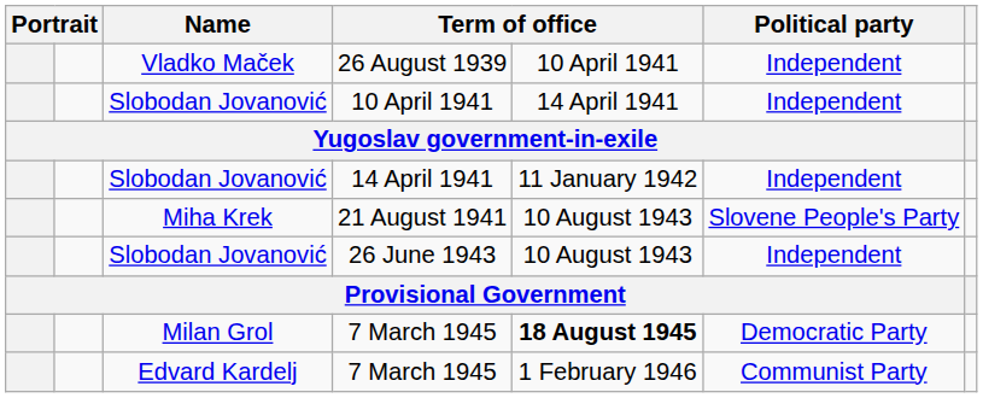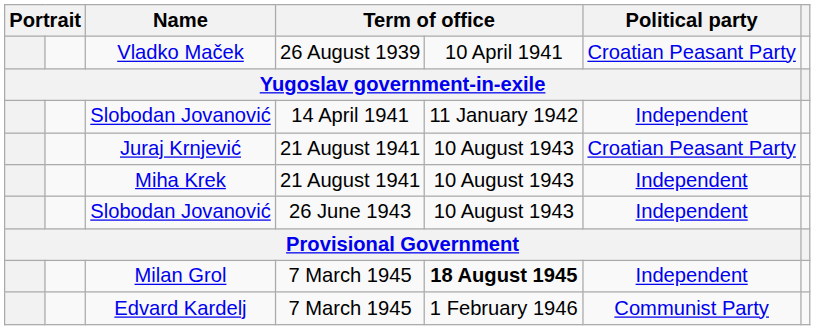 <table class="wikitable" style="text-align:center">
 <tr>
 <th colspan="2">Portrait</th>
 <th>Name<br></th>
 <th colspan="2">Term of office</th>
 <th>Political party</th>
 <th></th>
 </tr>
 <tr>
 <th style="background:"></th>
 <td></td>
 <td><a href='#'>Vladko Maček</a><br></td>
 <td>26 August 1939</td>
 <td>10 April 1941</td>
-<td><a href='#'>Independent</a></td>
-<td></td>
-</tr>
-<tr>
-<th style="background:"></th>
-<td></td>
-<td><a href='#'>Slobodan Jovanović</a><br></td>
-<td>10 April 1941</td>
-<td>14 April 1941</td>
-<td><a href='#'>Independent</a></td>
+<td><a href='#'>Croatian Peasant Party</a></td>
 <td></td>
 </tr>
 <tr>
 <th colspan=6><a href='#'>Yugoslav government-in-exile</a></th>
 <th></th>
 </tr>
 <tr>
 <th style="background:"></th>
 <td></td>
 <td><a href='#'>Slobodan Jovanović</a><br></td>
 <td>14 April 1941</td>
 <td>11 January 1942</td>
 <td><a href='#'>Independent</a></td>
 <td></td>
 </tr>
 <tr>
 <th style="background:"></th>
 <td></td>
+<td><a href='#'>Juraj Krnjević</a><br></td>
+<td>21 August 1941</td>
+<td>10 August 1943</td>
+<td><a href='#'>Croatian Peasant Party</a></td>
+<td></td>
+</tr>
+<tr>
+<th style="background:"></th>
+<td></td>
 <td><a href='#'>Miha Krek</a><br></td>
 <td>21 August 1941</td>
 <td>10 August 1943</td>
-<td><a href='#'>Slovene People's Party</a></td>
+<td><a href='#'>Independent</a></td>
 <td></td>
 </tr>
 <tr>
 <th style="background:"></th>
 <td></td>
 <td><a href='#'>Slobodan Jovanović</a><br></td>
 <td>26 June 1943</td>
 <td>10 August 1943</td>
 <td><a href='#'>Independent</a></td>
 <td></td>
 </tr>
 <tr>
 <th colspan=6><a href='#'>Provisional Government</a></th>
 <th></th>
 </tr>
 <tr>
 <th style="background:"></th>
 <td></td>
 <td><a href='#'>Milan Grol</a><br></td>
 <td>7 March 1945</td>
 <td><strong>18 August 1945</strong></td>
-<td><a href='#'>Democratic Party</a></td>
+<td><a href='#'>Independent</a></td>
 <td></td>
 </tr>
 <tr>
 <th style="background:"></th>
 <td></td>
 <td><a href='#'>Edvard Kardelj</a><br></td>
 <td>7 March 1945</td>
 <td>1 February 1946</td>
 <td><a href='#'>Communist Party</a></td>
 <td></td>
 </tr>
 </table>
